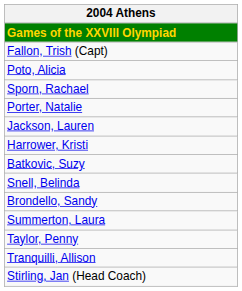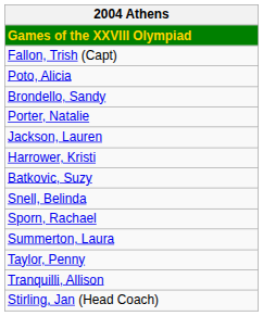 <table class="wikitable collapsible autocollapse" width=25%>
 <tr>
 <th>2004 Athens</th>
 </tr>
 <tr>
 <td bgcolor=green style="color:gold; width:200px"><strong>Games of the XXVIII Olympiad</strong></td>
 </tr>
 <tr>
 <td><a href='#'>Fallon, Trish</a> (Capt)</td>
 </tr>
 <tr>
 <td><a href='#'>Poto, Alicia</a></td>
 </tr>
 <tr>
-<td><a href='#'>Sporn, Rachael</a></td>
+<td><a href='#'>Brondello, Sandy</a></td>
 </tr>
 <tr>
 <td><a href='#'>Porter, Natalie</a></td>
 </tr>
 <tr>
 <td><a href='#'>Jackson, Lauren</a></td>
 </tr>
 <tr>
 <td><a href='#'>Harrower, Kristi</a></td>
 </tr>
 <tr>
 <td><a href='#'>Batkovic, Suzy</a></td>
 </tr>
 <tr>
 <td><a href='#'>Snell, Belinda</a></td>
 </tr>
 <tr>
-<td><a href='#'>Brondello, Sandy</a></td>
+<td><a href='#'>Sporn, Rachael</a></td>
 </tr>
 <tr>
 <td><a href='#'>Summerton, Laura</a></td>
 </tr>
 <tr>
 <td><a href='#'>Taylor, Penny</a></td>
 </tr>
 <tr>
 <td><a href='#'>Tranquilli, Allison</a></td>
 </tr>
 <tr>
 <td><a href='#'>Stirling, Jan</a> (Head Coach)</td>
 </tr>
 </table>
